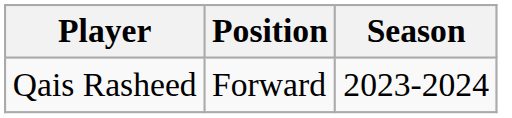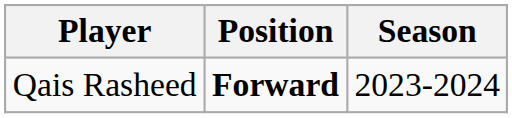 <table class="wikitable" style="text-align:center">
 <tr>
 <th>Player</th>
 <th>Position</th>
 <th>Season</th>
 </tr>
 <tr>
 <td align="left"> Qais Rasheed</td>
-<td align="left">Forward</td>
+<td align="left"><strong>Forward</strong></td>
 <td rowspan=3>2023-2024</td>
 </tr>
 </table>
